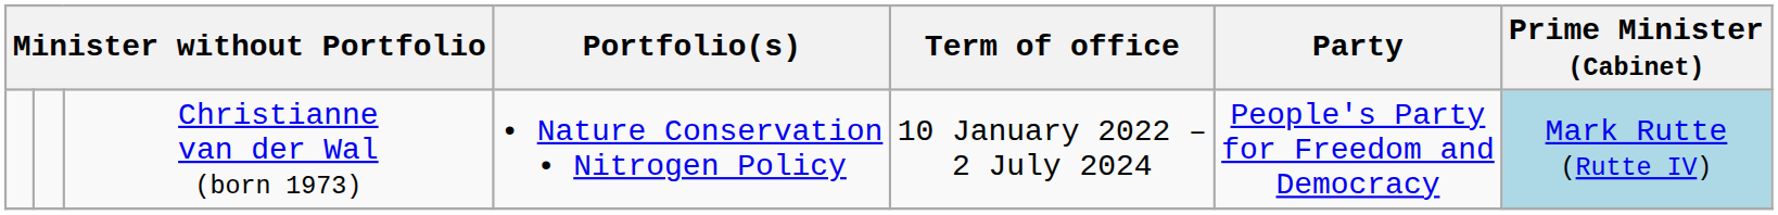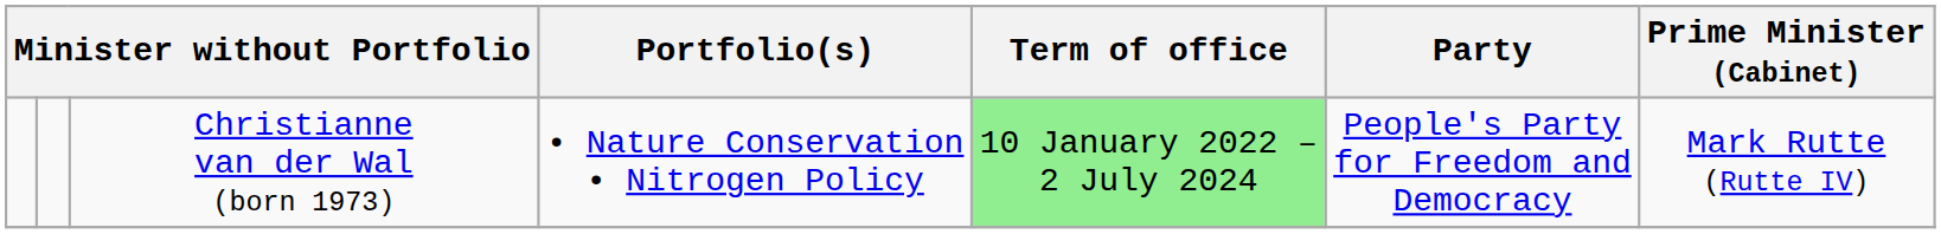 <table class="wikitable" style="text-align:center">
 <tr>
 <th colspan=3>Minister without Portfolio</th>
 <th>Portfolio(s)</th>
 <th>Term of office</th>
 <th>Party</th>
 <th>Prime Minister <br> <small>(Cabinet)</small></th>
 </tr>
 <tr>
 <td style="background:"></td>
 <td></td>
 <td><a href='#'>Christianne <br> van der Wal</a> <br> <small>(born 1973)</small></td>
 <td>• <a href='#'>Nature Conservation</a> <br> • <a href='#'>Nitrogen Policy</a></td>
-<td>10 January 2022 – <br> 2 July 2024</td>
+<td style="background: lightgreen;">10 January 2022 – <br> 2 July 2024</td>
 <td><a href='#'>People's Party <br> for Freedom and <br> Democracy</a></td>
-<td style="background: lightblue;"><a href='#'>Mark Rutte</a> <br> <small>(<a href='#'>Rutte IV</a>)</small> <br></td>
+<td><a href='#'>Mark Rutte</a> <br> <small>(<a href='#'>Rutte IV</a>)</small> <br></td>
 </tr>
 <tr>
 </tr>
 </table>
